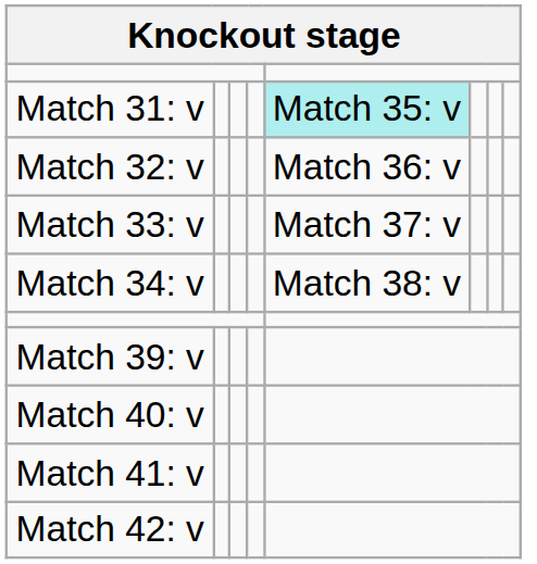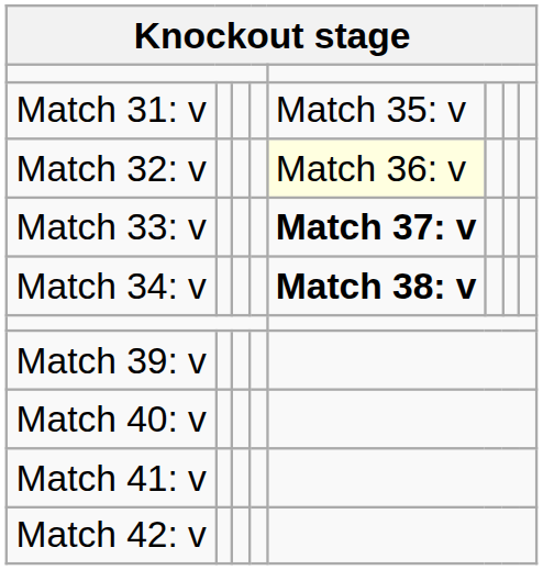 <table class="wikitable" style="text-align: left; font-size: 90%; margin-left: 1em;">
 <tr>
 <th colspan="12">Knockout stage</th>
 </tr>
 <tr>
 <td colspan="4" style="text-align: center;"></td>
 <td colspan="4" style="text-align: center;"></td>
 </tr>
 <tr>
 <td>Match 31:  v </td>
 <td></td>
 <td></td>
 <td></td>
-<td style="background: paleturquoise;">Match 35:  v </td>
+<td>Match 35:  v </td>
 <td></td>
 <td></td>
 <td></td>
 </tr>
 <tr>
 <td>Match 32:  v </td>
 <td></td>
 <td></td>
 <td></td>
-<td>Match 36:  v </td>
+<td style="background: lightyellow;">Match 36:  v </td>
 <td></td>
 <td></td>
 <td></td>
 </tr>
 <tr>
 <td>Match 33:  v </td>
 <td></td>
 <td></td>
 <td></td>
-<td>Match 37:  v </td>
+<td><strong>Match 37:  v </strong></td>
 <td></td>
 <td></td>
 <td></td>
 </tr>
 <tr>
 <td>Match 34:  v </td>
 <td></td>
 <td></td>
 <td></td>
-<td>Match 38:  v </td>
+<td><strong>Match 38:  v </strong></td>
 <td></td>
 <td></td>
 <td></td>
 </tr>
 <tr>
 <td colspan="4" style="text-align: center;"></td>
 <td colspan="4"></td>
 </tr>
 <tr>
 <td>Match 39:  v </td>
 <td></td>
 <td></td>
 <td></td>
 <td colspan="4"></td>
 </tr>
 <tr>
 <td>Match 40:  v </td>
 <td></td>
 <td></td>
 <td></td>
 <td colspan="4"></td>
 </tr>
 <tr>
 <td>Match 41:  v </td>
 <td></td>
 <td></td>
 <td></td>
 <td colspan="4"></td>
 </tr>
 <tr>
 <td>Match 42:  v </td>
 <td></td>
 <td></td>
 <td></td>
 <td colspan="4"></td>
 </tr>
 </table>
